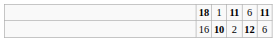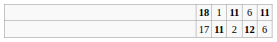 <table class="wikitable">
 <tr>
 <td style="width:18em"><strong></strong></td>
 <td align=center style="width:1em"><strong>18</strong></td>
 <td align=center style="width:1em">1</td>
 <td align=center style="width:1em"><strong>11</strong></td>
 <td align=center style="width:1em">6</td>
 <td align=center style="width:1em"><strong>11</strong></td>
 </tr>
 <tr>
 <td style="width:18em"></td>
-<td align=center style="width:1em">16</td>
-<td align=center style="width:1em"><strong>10</strong></td>
+<td align=center style="width:1em">17</td>
+<td align=center style="width:1em"><strong>11</strong></td>
 <td align=center style="width:1em">2</td>
 <td align=center style="width:1em"><strong>12</strong></td>
 <td align=center style="width:1em">6</td>
 </tr>
 </table>
